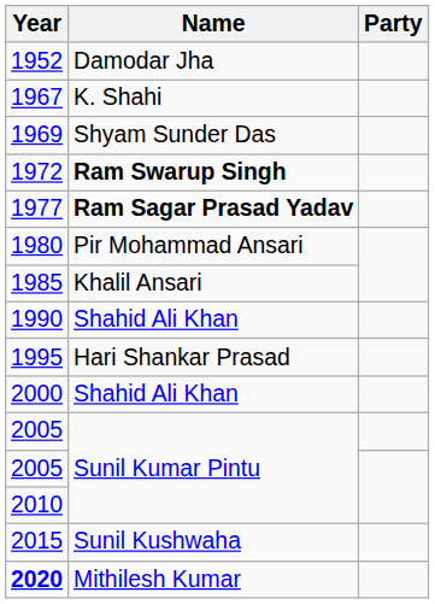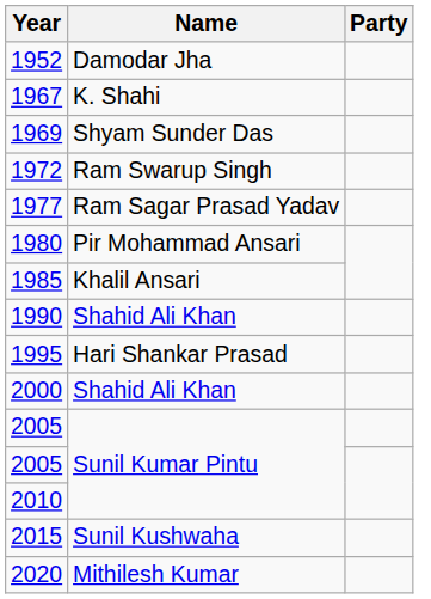 <table class="wikitable sortable">
 <tr>
 <th>Year</th>
 <th>Name</th>
 <th colspan="2">Party</th>
 </tr>
 <tr>
 <td><a href='#'>1952</a></td>
 <td>Damodar Jha</td>
 <td></td>
 </tr>
 <tr>
 <td><a href='#'>1967</a></td>
 <td>K. Shahi</td>
 <td></td>
 </tr>
 <tr>
 <td><a href='#'>1969</a></td>
 <td>Shyam Sunder Das</td>
 <td></td>
 </tr>
 <tr>
 <td><a href='#'>1972</a></td>
-<td><strong>Ram Swarup Singh</strong></td>
+<td>Ram Swarup Singh</td>
 <td></td>
 </tr>
 <tr>
 <td><a href='#'>1977</a></td>
-<td><strong>Ram Sagar Prasad Yadav</strong></td>
+<td>Ram Sagar Prasad Yadav</td>
 <td></td>
 </tr>
 <tr>
 <td><a href='#'>1980</a></td>
 <td>Pir Mohammad Ansari</td>
 </tr>
 <tr>
 <td><a href='#'>1985</a></td>
 <td>Khalil Ansari</td>
 </tr>
 <tr>
 <td><a href='#'>1990</a></td>
 <td><a href='#'>Shahid Ali Khan</a></td>
 <td></td>
 </tr>
 <tr>
 <td><a href='#'>1995</a></td>
 <td>Hari Shankar Prasad</td>
 <td></td>
 </tr>
 <tr>
 <td><a href='#'>2000</a></td>
 <td><a href='#'>Shahid Ali Khan</a></td>
 <td></td>
 </tr>
 <tr>
 <td><a href='#'>2005</a></td>
 <td rowspan="3"><a href='#'>Sunil Kumar Pintu</a></td>
 <td></td>
 </tr>
 <tr>
 <td><a href='#'>2005</a></td>
 </tr>
 <tr>
 <td><a href='#'>2010</a></td>
 </tr>
 <tr>
 <td><a href='#'>2015</a></td>
 <td><a href='#'>Sunil Kushwaha</a></td>
 <td></td>
 </tr>
 <tr>
-<td><strong><a href='#'>2020</a></strong></td>
+<td><a href='#'>2020</a></td>
 <td><a href='#'>Mithilesh Kumar</a></td>
 <td></td>
 </tr>
 </table>
